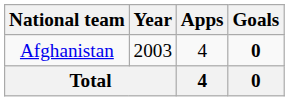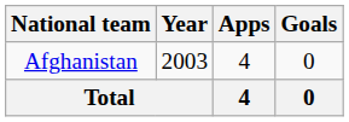 <table class="wikitable" style="text-align:center">
 <tr>
 <th>National team</th>
 <th>Year</th>
 <th>Apps</th>
 <th>Goals</th>
 </tr>
 <tr>
 <td><a href='#'>Afghanistan</a></td>
 <td>2003</td>
 <td>4</td>
-<td><strong>0</strong></td>
+<td>0</td>
 </tr>
 <tr>
 <th colspan="2">Total</th>
 <th>4</th>
 <th>0</th>
 </tr>
 </table>
